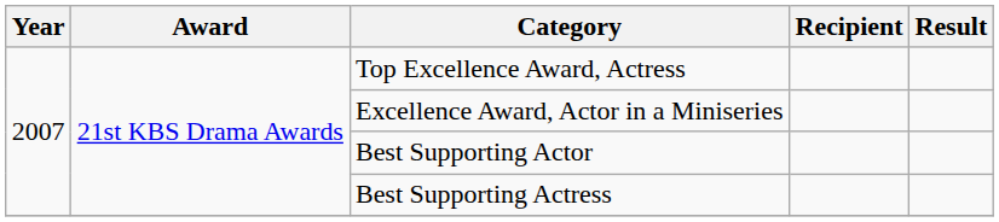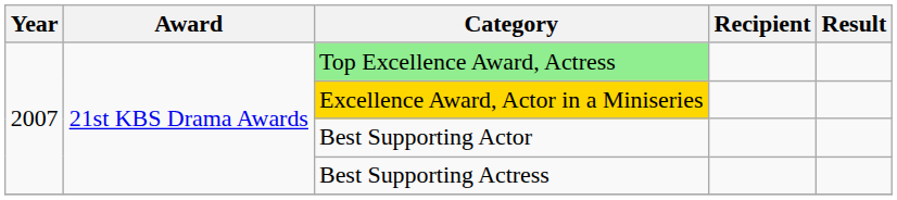 <table class="wikitable">
 <tr>
 <th>Year</th>
 <th>Award</th>
 <th>Category</th>
 <th>Recipient</th>
 <th>Result</th>
 </tr>
 <tr>
 <td rowspan="4">2007</td>
 <td rowspan="4"><a href='#'>21st KBS Drama Awards</a></td>
-<td>Top Excellence Award, Actress</td>
+<td style="background: lightgreen;">Top Excellence Award, Actress</td>
 <td></td>
 <td></td>
 </tr>
 <tr>
-<td>Excellence Award, Actor in a Miniseries</td>
+<td style="background: gold;">Excellence Award, Actor in a Miniseries</td>
 <td></td>
 <td></td>
 </tr>
 <tr>
 <td>Best Supporting Actor</td>
 <td></td>
 <td></td>
 </tr>
 <tr>
 <td>Best Supporting Actress</td>
 <td></td>
 <td></td>
 </tr>
 <tr>
 </tr>
 </table>
